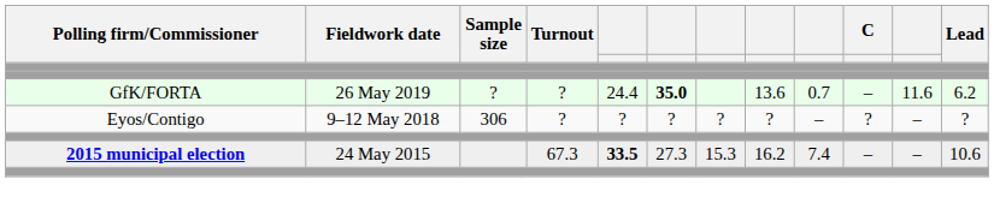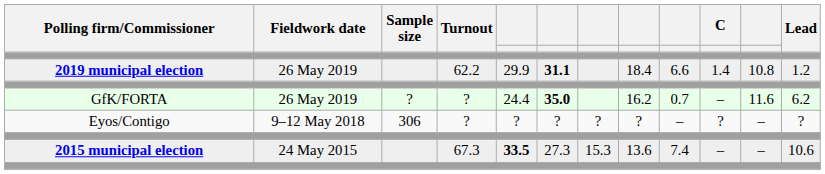 <table class="wikitable collapsible collapsed" style="text-align:center; font-size:95%; line-height:16px;">
 <tr style="height:42px;">
 <th style="width:250px;" rowspan="2">Polling firm/Commissioner</th>
 <th style="width:125px;" rowspan="2">Fieldwork date</th>
 <th style="width:50px;" rowspan="2">Sample size</th>
 <th style="width:45px;" rowspan="2">Turnout</th>
 <th style="width:35px;"></th>
 <th style="width:35px;"></th>
 <th style="width:35px;"></th>
 <th style="width:35px;"></th>
 <th style="width:35px;"></th>
 <th style="width:35px;">C</th>
 <th style="width:35px;"></th>
 <th style="width:30px;" rowspan="2">Lead</th>
 </tr>
 <tr>
 <th style="color:inherit;background:"></th>
 <th style="color:inherit;background:"></th>
 <th style="color:inherit;background:"></th>
 <th style="color:inherit;background:"></th>
 <th style="color:inherit;background:"></th>
 <th style="color:inherit;background:"></th>
 <th style="color:inherit;background:"></th>
 </tr>
 <tr>
 <td colspan="12" style="background:#A0A0A0"></td>
 </tr>
+<tr style="background:#EFEFEF;">
+<td><strong><a href='#'>2019 municipal election</a></strong></td>
+<td>26 May 2019</td>
+<td></td>
+<td>62.2</td>
+<td>29.9<br></td>
+<td><strong>31.1</strong><br></td>
+<td></td>
+<td>18.4<br></td>
+<td>6.6<br></td>
+<td>1.4<br></td>
+<td>10.8<br></td>
+<td style="background:">1.2</td>
+</tr>
 <tr>
 <td colspan="12" style="background:#A0A0A0"></td>
 </tr>
 <tr style="background:#EAFFEA;">
 <td>GfK/FORTA</td>
 <td>26 May 2019</td>
 <td>?</td>
 <td>?</td>
 <td>24.4<br></td>
 <td><strong>35.0</strong><br></td>
 <td></td>
-<td>13.6<br></td>
+<td>16.2<br></td>
 <td>0.7<br></td>
 <td>–</td>
 <td>11.6<br></td>
 <td style="background:">6.2</td>
 </tr>
 <tr>
 <td>Eyos/Contigo</td>
 <td>9–12 May 2018</td>
 <td>306</td>
 <td>?</td>
 <td>?<br></td>
 <td>?<br></td>
 <td>?<br></td>
 <td>?<br></td>
 <td>–</td>
 <td>?<br></td>
 <td>–</td>
 <td style="background:">?</td>
 </tr>
 <tr>
 <td colspan="12" style="background:#A0A0A0"></td>
 </tr>
 <tr style="background:#EFEFEF;">
 <td><strong><a href='#'>2015 municipal election</a></strong></td>
 <td>24 May 2015</td>
 <td></td>
 <td>67.3</td>
 <td><strong>33.5</strong><br></td>
 <td>27.3<br></td>
 <td>15.3<br></td>
-<td>16.2<br></td>
+<td>13.6<br></td>
 <td>7.4<br></td>
 <td>–</td>
 <td>–</td>
 <td style="background:">10.6</td>
 </tr>
 <tr>
 <td colspan="12" style="background:#A0A0A0"></td>
 </tr>
 </table>
